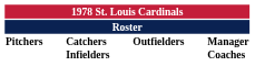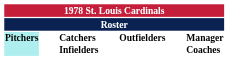 <table class="toccolours" style="font-size: 95%;">
 <tr>
 <th colspan="10" style="background-color: #c41e3a; color: white; text-align: center;">1978 St. Louis Cardinals</th>
 </tr>
 <tr>
 <td colspan="10" style="background-color: #0a2252; color: white; text-align: center;"><strong>Roster</strong></td>
 </tr>
 <tr>
-<td valign="top"><strong>Pitchers</strong><br>               </td>
+<td valign="top" style="background: paleturquoise;"><strong>Pitchers</strong><br>               </td>
 <td width="25px"></td>
 <td valign="top"><strong>Catchers</strong><br>    <strong>Infielders</strong>          </td>
 <td width="25px"></td>
 <td valign="top"><strong>Outfielders</strong><br>        </td>
 <td width="25px"></td>
 <td valign="top"><strong>Manager</strong><br>   <strong>Coaches</strong>     </td>
 </tr>
 </table>
